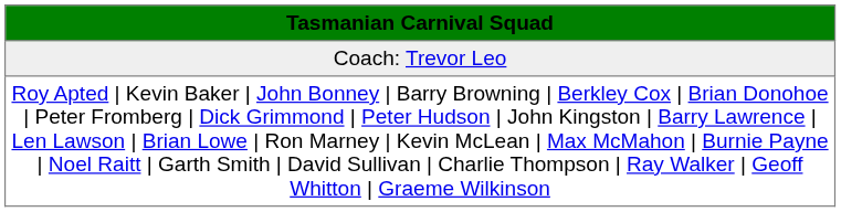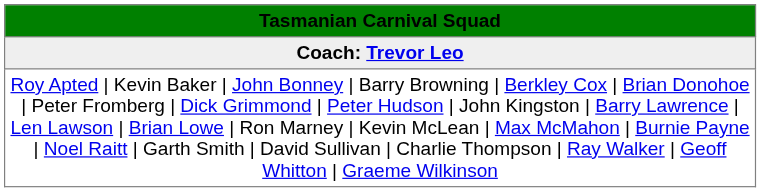 <table border="1" cellpadding="4" cellspacing="0" style="text-align:center; font-size:100%; border-collapse:collapse;" width=50%>
 <tr style="background:green;">
 <th colspan=2><span>Tasmanian Carnival Squad</span></th>
 </tr>
 <tr bgcolor="#efefef">
-<td>Coach: <a href='#'>Trevor Leo</a></td>
+<td><strong>Coach: <a href='#'>Trevor Leo</a></strong></td>
 </tr>
 <tr>
 <td Captain: ><a href='#'>Roy Apted</a> | Kevin Baker | <a href='#'>John Bonney</a> | Barry Browning | <a href='#'>Berkley Cox</a> | <a href='#'>Brian Donohoe</a> | Peter Fromberg | <a href='#'>Dick Grimmond</a> | <a href='#'>Peter Hudson</a> | John Kingston | <a href='#'>Barry Lawrence</a> | <a href='#'>Len Lawson</a> | <a href='#'>Brian Lowe</a> | Ron Marney | Kevin McLean | <a href='#'>Max McMahon</a> | <a href='#'>Burnie Payne</a> | <a href='#'>Noel Raitt</a> | Garth Smith | David Sullivan | Charlie Thompson | <a href='#'>Ray Walker</a> | <a href='#'>Geoff Whitton</a> | <a href='#'>Graeme Wilkinson</a></td>
 </tr>
 </table>
